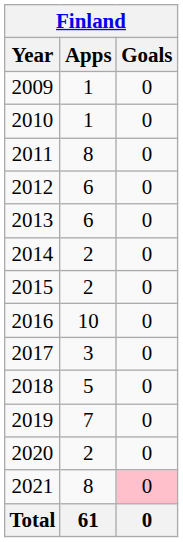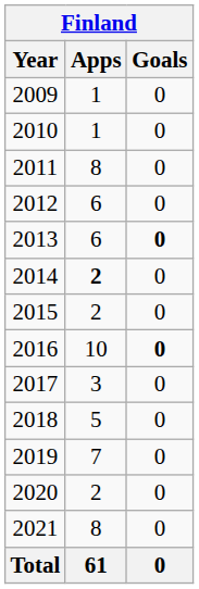 <table class="wikitable" style="text-align:center">
 <tr>
 <th colspan=3><a href='#'>Finland</a></th>
 </tr>
 <tr>
 <th>Year</th>
 <th>Apps</th>
 <th>Goals</th>
 </tr>
 <tr>
 <td>2009</td>
 <td>1</td>
 <td>0</td>
 </tr>
 <tr>
 <td>2010</td>
 <td>1</td>
 <td>0</td>
 </tr>
 <tr>
 <td>2011</td>
 <td>8</td>
 <td>0</td>
 </tr>
 <tr>
 <td>2012</td>
 <td>6</td>
 <td>0</td>
 </tr>
 <tr>
 <td>2013</td>
 <td>6</td>
-<td>0</td>
+<td><strong>0</strong></td>
 </tr>
 <tr>
 <td>2014</td>
-<td>2</td>
+<td><strong>2</strong></td>
 <td>0</td>
 </tr>
 <tr>
 <td>2015</td>
 <td>2</td>
 <td>0</td>
 </tr>
 <tr>
 <td>2016</td>
 <td>10</td>
-<td>0</td>
+<td><strong>0</strong></td>
 </tr>
 <tr>
 <td>2017</td>
 <td>3</td>
 <td>0</td>
 </tr>
 <tr>
 <td>2018</td>
 <td>5</td>
 <td>0</td>
 </tr>
 <tr>
 <td>2019</td>
 <td>7</td>
 <td>0</td>
 </tr>
 <tr>
 <td>2020</td>
 <td>2</td>
 <td>0</td>
 </tr>
 <tr>
 <td>2021</td>
 <td>8</td>
-<td style="background: pink;">0</td>
+<td>0</td>
 </tr>
 <tr>
 <th>Total</th>
 <th>61</th>
 <th>0</th>
 </tr>
 </table>
